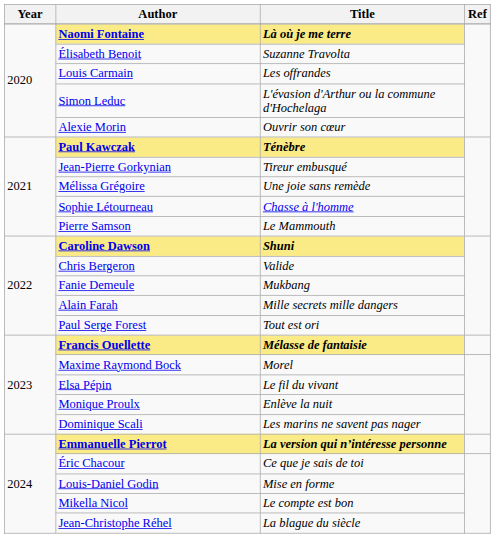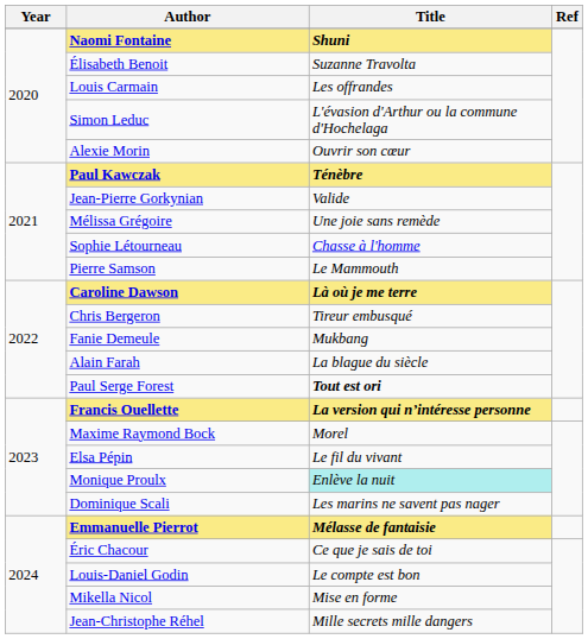 <table class="wikitable" width="100%">
 <tr>
 <th width="10%">Year</th>
 <th width="40%">Author</th>
 <th width="40%">Title</th>
 <th width="5%">Ref</th>
 </tr>
 <tr>
 </tr>
 <tr>
 <td rowspan=5>2020</td>
 <td style="background:#FAEB86"><strong><a href='#'>Naomi Fontaine</a></strong></td>
-<td style="background:#FAEB86"><strong><em>Là où je me terre</em></strong></td>
+<td style="background:#FAEB86"><strong><em>Shuni</em></strong></td>
 <td rowspan=5></td>
 </tr>
 <tr>
 <td><a href='#'>Élisabeth Benoit</a></td>
 <td><em>Suzanne Travolta</em></td>
 </tr>
 <tr>
 <td><a href='#'>Louis Carmain</a></td>
 <td><em>Les offrandes</em></td>
 </tr>
 <tr>
 <td><a href='#'>Simon Leduc</a></td>
 <td><em>L'évasion d'Arthur ou la commune d'Hochelaga</em></td>
 </tr>
 <tr>
 <td><a href='#'>Alexie Morin</a></td>
 <td><em>Ouvrir son cœur</em></td>
 </tr>
 <tr>
 <td rowspan=5>2021</td>
 <td style="background:#FAEB86"><strong><a href='#'>Paul Kawczak</a></strong></td>
 <td style="background:#FAEB86"><strong><em>Ténèbre</em></strong></td>
 <td rowspan=5></td>
 </tr>
 <tr>
 <td><a href='#'>Jean-Pierre Gorkynian</a></td>
-<td><em>Tireur embusqué</em></td>
+<td><em>Valide</em></td>
 </tr>
 <tr>
 <td><a href='#'>Mélissa Grégoire</a></td>
 <td><em>Une joie sans remède</em></td>
 </tr>
 <tr>
 <td><a href='#'>Sophie Létourneau</a></td>
 <td><em><a href='#'>Chasse à l'homme</a></em></td>
 </tr>
 <tr>
 <td><a href='#'>Pierre Samson</a></td>
 <td><em>Le Mammouth</em></td>
 </tr>
 <tr>
 <td rowspan=5>2022</td>
 <td style="background:#FAEB86"><strong><a href='#'>Caroline Dawson</a></strong></td>
-<td style="background:#FAEB86"><strong><em>Shuni</em></strong></td>
+<td style="background:#FAEB86"><strong><em>Là où je me terre</em></strong></td>
 <td rowspan=5></td>
 </tr>
 <tr>
 <td><a href='#'>Chris Bergeron</a></td>
-<td><em>Valide</em></td>
+<td><em>Tireur embusqué</em></td>
 </tr>
 <tr>
 <td><a href='#'>Fanie Demeule</a></td>
 <td><em>Mukbang</em></td>
 </tr>
 <tr>
 <td><a href='#'>Alain Farah</a></td>
-<td><em>Mille secrets mille dangers</em></td>
+<td><em>La blague du siècle</em></td>
 </tr>
 <tr>
 <td><a href='#'>Paul Serge Forest</a></td>
-<td><em>Tout est ori</em></td>
+<td><strong><em>Tout est ori</em></strong></td>
 </tr>
 <tr>
 <td rowspan=5>2023</td>
 <td style="background:#FAEB86"><strong><a href='#'>Francis Ouellette</a></strong></td>
-<td style="background:#FAEB86"><strong><em>Mélasse de fantaisie</em></strong></td>
+<td style="background:#FAEB86"><strong><em>La version qui n’intéresse personne</em></strong></td>
 <td></td>
 </tr>
 <tr>
 <td><a href='#'>Maxime Raymond Bock</a></td>
 <td><em>Morel</em></td>
 <td rowspan=4></td>
 </tr>
 <tr>
 <td><a href='#'>Elsa Pépin</a></td>
 <td><em>Le fil du vivant</em></td>
 </tr>
 <tr>
 <td><a href='#'>Monique Proulx</a></td>
-<td><em>Enlève la nuit</em></td>
+<td style="background: paleturquoise;"><em>Enlève la nuit</em></td>
 </tr>
 <tr>
 <td><a href='#'>Dominique Scali</a></td>
 <td><em>Les marins ne savent pas nager</em></td>
 </tr>
 <tr>
 <td rowspan=5>2024</td>
 <td style="background:#FAEB86"><strong><a href='#'>Emmanuelle Pierrot</a></strong></td>
-<td style="background:#FAEB86"><strong><em>La version qui n’intéresse personne</em></strong></td>
+<td style="background:#FAEB86"><strong><em>Mélasse de fantaisie</em></strong></td>
 <td></td>
 </tr>
 <tr>
 <td><a href='#'>Éric Chacour</a></td>
 <td><em>Ce que je sais de toi</em></td>
 <td rowspan=4></td>
 </tr>
 <tr>
 <td><a href='#'>Louis-Daniel Godin</a></td>
+<td><em>Le compte est bon</em></td>
+</tr>
+<tr>
+<td><a href='#'>Mikella Nicol</a></td>
 <td><em>Mise en forme</em></td>
 </tr>
 <tr>
-<td><a href='#'>Mikella Nicol</a></td>
-<td><em>Le compte est bon</em></td>
-</tr>
-<tr>
 <td><a href='#'>Jean-Christophe Réhel</a></td>
-<td><em>La blague du siècle</em></td>
+<td><em>Mille secrets mille dangers</em></td>
 </tr>
 </table>
